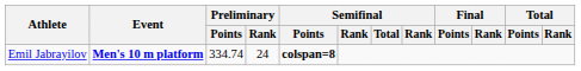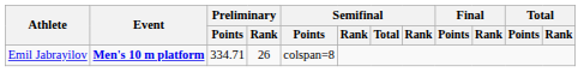 <table class=wikitable style=font-size:90%;text-align:center>
 <tr>
 <th rowspan=2>Athlete</th>
 <th rowspan=2>Event</th>
 <th colspan=2>Preliminary</th>
 <th colspan=4>Semifinal</th>
 <th colspan=2>Final</th>
 <th colspan=2>Total</th>
 </tr>
 <tr style=font-size:95%>
 <th>Points</th>
 <th>Rank</th>
 <th>Points</th>
 <th>Rank</th>
 <th>Total</th>
 <th>Rank</th>
 <th>Points</th>
 <th>Rank</th>
 <th>Points</th>
 <th>Rank</th>
 </tr>
 <tr>
 <td align=left><a href='#'>Emil Jabrayilov</a></td>
 <td align=left><strong><a href='#'>Men's 10 m platform</a></strong></td>
-<td>334.74</td>
-<td>24</td>
-<td><strong>colspan=8 </strong></td>
+<td>334.71</td>
+<td>26</td>
+<td>colspan=8 </td>
 </tr>
 </table>
